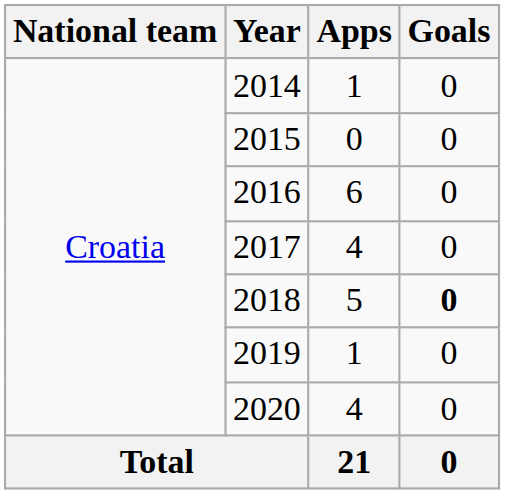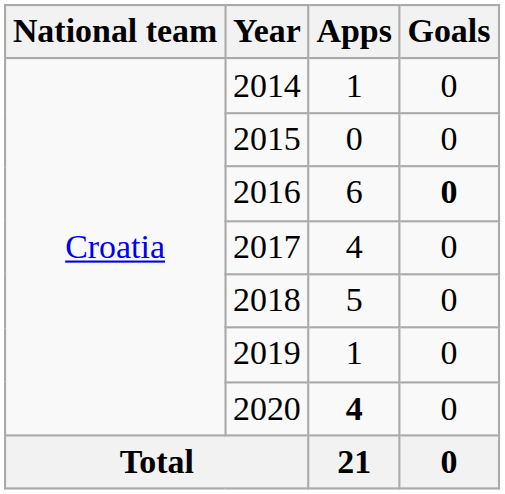 <table class=wikitable style="text-align: center">
 <tr>
 <th>National team</th>
 <th>Year</th>
 <th>Apps</th>
 <th>Goals</th>
 </tr>
 <tr>
 <td rowspan="7"><a href='#'>Croatia</a></td>
 <td>2014</td>
 <td>1</td>
 <td>0</td>
 </tr>
 <tr>
 <td>2015</td>
 <td>0</td>
 <td>0</td>
 </tr>
 <tr>
 <td>2016</td>
 <td>6</td>
-<td>0</td>
+<td><strong>0</strong></td>
 </tr>
 <tr>
 <td>2017</td>
 <td>4</td>
 <td>0</td>
 </tr>
 <tr>
 <td>2018</td>
 <td>5</td>
-<td><strong>0</strong></td>
+<td>0</td>
 </tr>
 <tr>
 <td>2019</td>
 <td>1</td>
 <td>0</td>
 </tr>
 <tr>
 <td>2020</td>
-<td>4</td>
+<td><strong>4</strong></td>
 <td>0</td>
 </tr>
 <tr>
 <th colspan=2>Total</th>
 <th>21</th>
 <th>0</th>
 </tr>
 </table>
